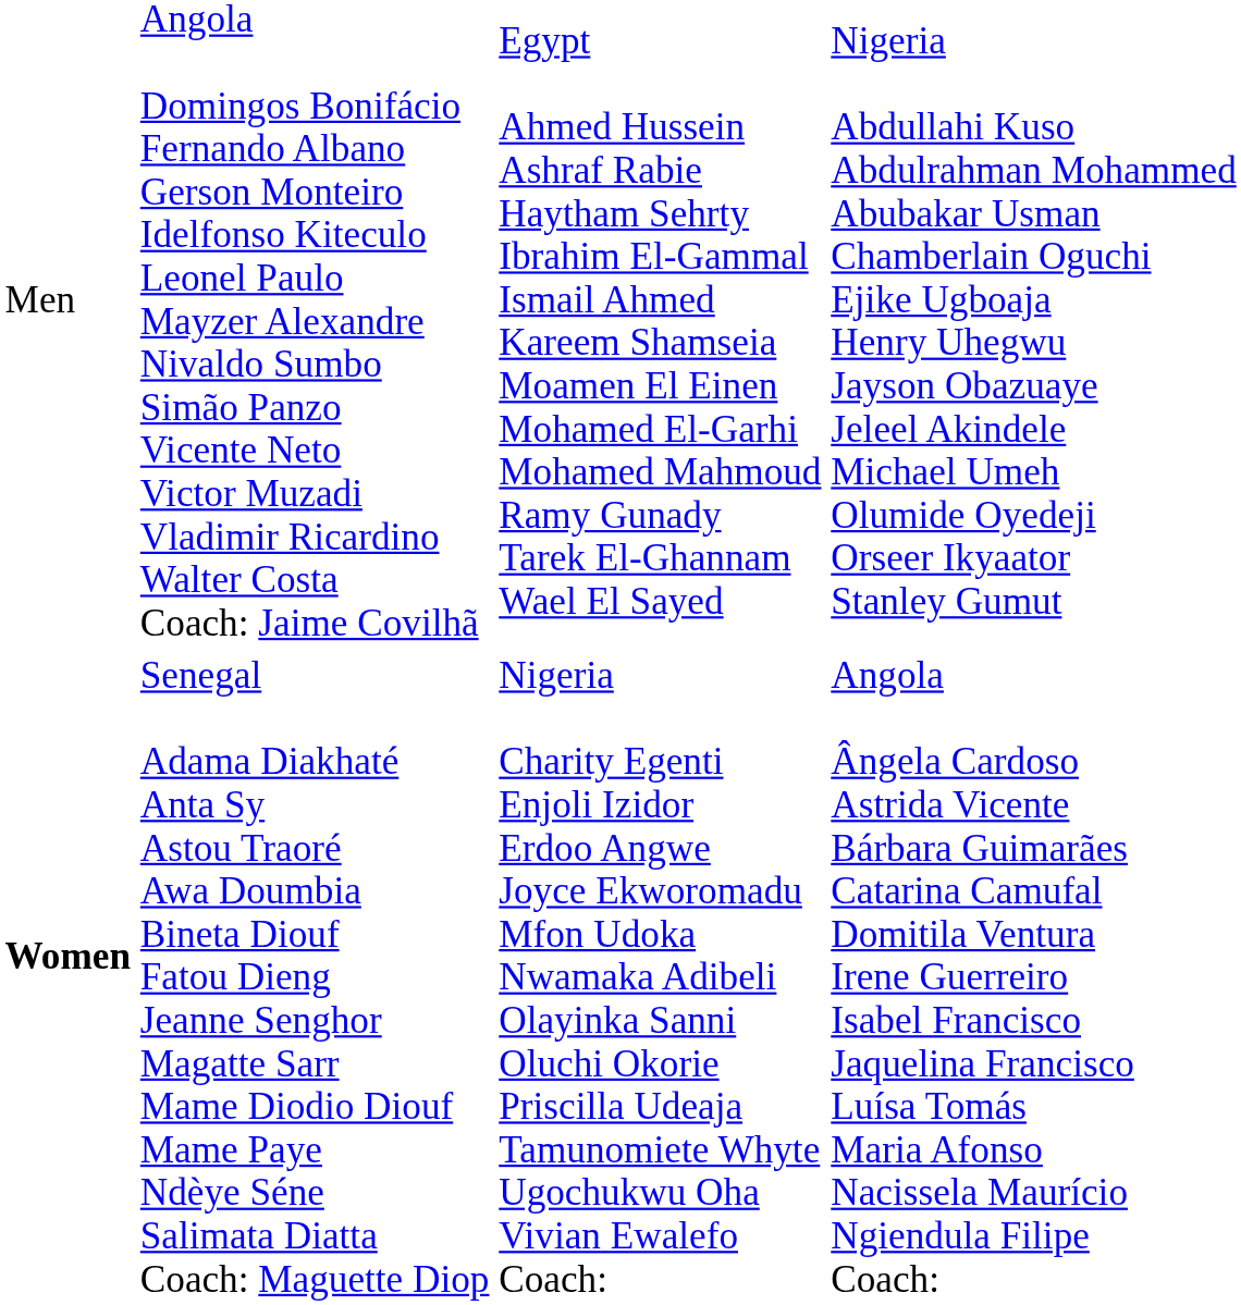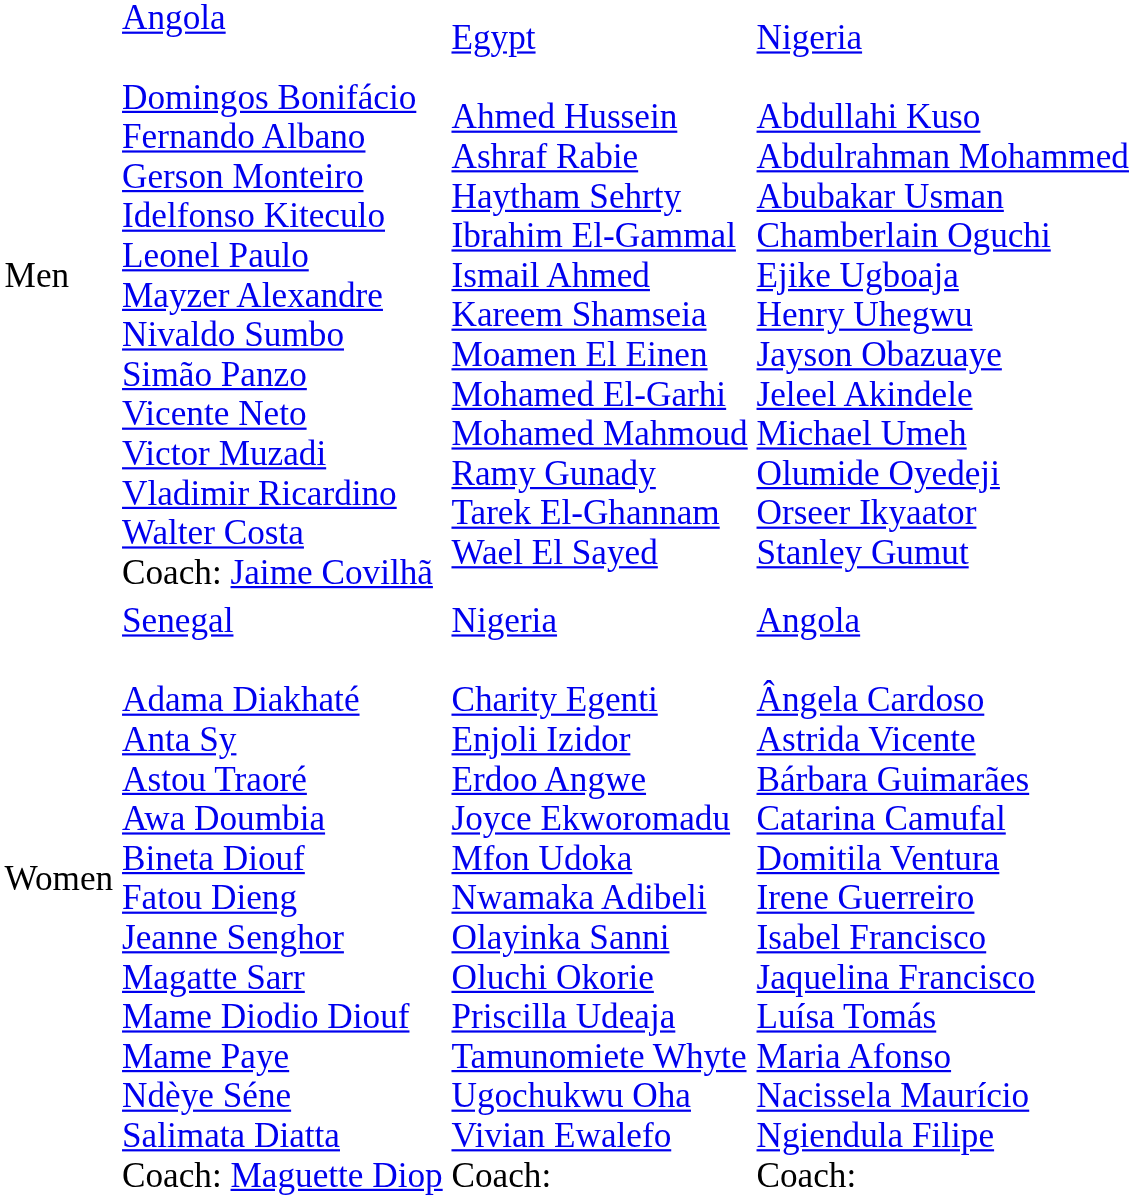 <table>
 <tr>
 <td>Men<br> <br> </td>
 <td> <a href='#'>Angola</a><br><br><a href='#'>Domingos Bonifácio</a><br> <a href='#'>Fernando Albano</a><br> <a href='#'>Gerson Monteiro</a><br> <a href='#'>Idelfonso Kiteculo</a><br> <a href='#'>Leonel Paulo</a><br> <a href='#'>Mayzer Alexandre</a><br> <a href='#'>Nivaldo Sumbo</a><br> <a href='#'>Simão Panzo</a><br> <a href='#'>Vicente Neto</a><br> <a href='#'>Victor Muzadi</a><br> <a href='#'>Vladimir Ricardino</a><br> <a href='#'>Walter Costa</a><br> Coach: <a href='#'>Jaime Covilhã</a><br></td>
 <td> <a href='#'>Egypt</a><br><br><a href='#'>Ahmed Hussein</a><br> <a href='#'>Ashraf Rabie</a><br> <a href='#'>Haytham Sehrty</a><br> <a href='#'>Ibrahim El-Gammal</a><br> <a href='#'>Ismail Ahmed</a><br> <a href='#'>Kareem Shamseia</a><br> <a href='#'>Moamen El Einen</a><br> <a href='#'>Mohamed El-Garhi</a><br> <a href='#'>Mohamed Mahmoud</a><br> <a href='#'>Ramy Gunady</a><br> <a href='#'>Tarek El-Ghannam</a><br> <a href='#'>Wael El Sayed</a><br></td>
 <td> <a href='#'>Nigeria</a><br><br><a href='#'>Abdullahi Kuso</a><br> <a href='#'>Abdulrahman Mohammed</a><br> <a href='#'>Abubakar Usman</a><br> <a href='#'>Chamberlain Oguchi</a><br> <a href='#'>Ejike Ugboaja</a><br> <a href='#'>Henry Uhegwu</a><br> <a href='#'>Jayson Obazuaye</a><br> <a href='#'>Jeleel Akindele</a><br> <a href='#'>Michael Umeh</a><br> <a href='#'>Olumide Oyedeji</a><br> <a href='#'>Orseer Ikyaator</a><br> <a href='#'>Stanley Gumut</a><br></td>
 </tr>
 <tr>
-<td><strong>Women<br> <br> </strong></td>
+<td>Women<br> <br> </td>
 <td> <a href='#'>Senegal</a><br><br><a href='#'>Adama Diakhaté</a><br> <a href='#'>Anta Sy</a><br> <a href='#'>Astou Traoré</a><br> <a href='#'>Awa Doumbia</a><br> <a href='#'>Bineta Diouf</a><br> <a href='#'>Fatou Dieng</a><br> <a href='#'>Jeanne Senghor</a><br> <a href='#'>Magatte Sarr</a><br> <a href='#'>Mame Diodio Diouf</a><br> <a href='#'>Mame Paye</a><br> <a href='#'>Ndèye Séne</a><br> <a href='#'>Salimata Diatta</a><br> Coach: <a href='#'>Maguette Diop</a><br></td>
 <td> <a href='#'>Nigeria</a><br><br><a href='#'>Charity Egenti</a><br> <a href='#'>Enjoli Izidor</a><br> <a href='#'>Erdoo Angwe</a><br> <a href='#'>Joyce Ekworomadu</a><br> <a href='#'>Mfon Udoka</a><br> <a href='#'>Nwamaka Adibeli</a><br> <a href='#'>Olayinka Sanni</a><br> <a href='#'>Oluchi Okorie</a><br> <a href='#'>Priscilla Udeaja</a><br> <a href='#'>Tamunomiete Whyte</a><br> <a href='#'>Ugochukwu Oha</a><br> <a href='#'>Vivian Ewalefo</a><br> Coach: <br></td>
 <td> <a href='#'>Angola</a><br><br><a href='#'>Ângela Cardoso</a><br> <a href='#'>Astrida Vicente</a><br> <a href='#'>Bárbara Guimarães</a><br> <a href='#'>Catarina Camufal</a><br> <a href='#'>Domitila Ventura</a><br> <a href='#'>Irene Guerreiro</a><br> <a href='#'>Isabel Francisco</a><br> <a href='#'>Jaquelina Francisco</a><br> <a href='#'>Luísa Tomás</a><br> <a href='#'>Maria Afonso</a><br> <a href='#'>Nacissela Maurício</a><br> <a href='#'>Ngiendula Filipe</a><br> Coach: <br></td>
 </tr>
 </table>
